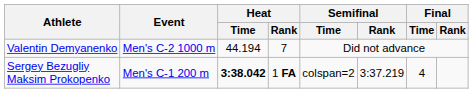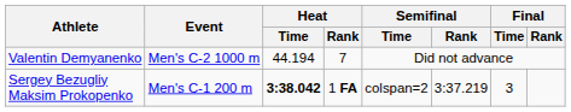 <table class="wikitable" style="font-size:90%">
 <tr>
 <th rowspan="2">Athlete</th>
 <th rowspan="2">Event</th>
 <th colspan="2">Heat</th>
 <th colspan="2">Semifinal</th>
 <th colspan="2">Final</th>
 </tr>
 <tr style="font-size:95%">
 <th>Time</th>
 <th>Rank</th>
 <th>Time</th>
 <th>Rank</th>
 <th>Time</th>
 <th>Rank</th>
 </tr>
 <tr align=center>
 <td align=left><a href='#'>Valentin Demyanenko</a></td>
 <td align=left><a href='#'>Men's C-2 1000 m</a></td>
 <td>44.194</td>
 <td>7</td>
 <td colspan=4>Did not advance</td>
 </tr>
 <tr align=center>
 <td align=left><a href='#'>Sergey Bezugliy</a><br><a href='#'>Maksim Prokopenko</a></td>
 <td align=left><a href='#'>Men's C-1 200 m</a></td>
 <td><strong>3:38.042</strong></td>
 <td>1 <strong>FA</strong></td>
 <td>colspan=2 </td>
 <td>3:37.219</td>
-<td>4</td>
+<td>3</td>
 </tr>
 </table>
